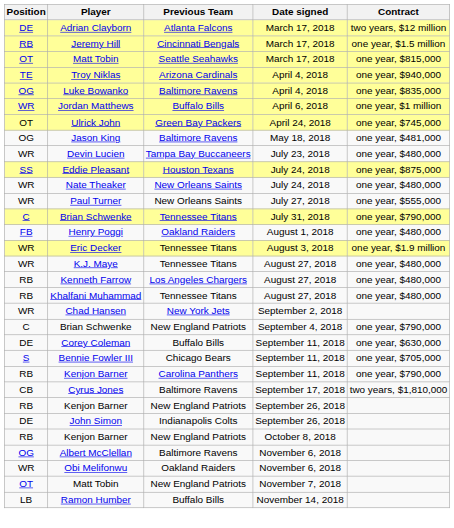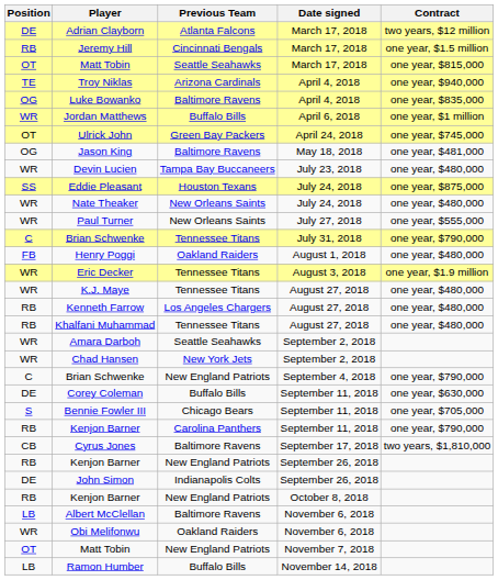 <table class="wikitable" style="text-align:center">
 <tr>
 <th>Position</th>
 <th>Player</th>
 <th>Previous Team</th>
 <th>Date signed</th>
 <th>Contract</th>
 </tr>
 <tr style="background:#ff9">
 <td><a href='#'>DE</a></td>
 <td><a href='#'>Adrian Clayborn</a></td>
 <td><a href='#'>Atlanta Falcons</a></td>
 <td>March 17, 2018</td>
 <td>two years, $12 million</td>
 </tr>
 <tr style="background:#ff9">
 <td><a href='#'>RB</a></td>
 <td><a href='#'>Jeremy Hill</a></td>
 <td><a href='#'>Cincinnati Bengals</a></td>
 <td>March 17, 2018</td>
 <td>one year, $1.5 million</td>
 </tr>
 <tr style="background:#ff9">
 <td><a href='#'>OT</a></td>
 <td><a href='#'>Matt Tobin</a></td>
 <td><a href='#'>Seattle Seahawks</a></td>
 <td>March 17, 2018</td>
 <td>one year, $815,000</td>
 </tr>
 <tr style="background:#ff9">
 <td><a href='#'>TE</a></td>
 <td><a href='#'>Troy Niklas</a></td>
 <td><a href='#'>Arizona Cardinals</a></td>
 <td>April 4, 2018</td>
 <td>one year, $940,000</td>
 </tr>
 <tr style="background:#ff9">
 <td><a href='#'>OG</a></td>
 <td><a href='#'>Luke Bowanko</a></td>
 <td><a href='#'>Baltimore Ravens</a></td>
 <td>April 4, 2018</td>
 <td>one year, $835,000</td>
 </tr>
 <tr style="background:#ff9">
 <td><a href='#'>WR</a></td>
 <td><a href='#'>Jordan Matthews</a></td>
 <td><a href='#'>Buffalo Bills</a></td>
 <td>April 6, 2018</td>
 <td>one year, $1 million</td>
 </tr>
 <tr style="background:#ff9">
 <td>OT</td>
 <td><a href='#'>Ulrick John</a></td>
 <td><a href='#'>Green Bay Packers</a></td>
 <td>April 24, 2018</td>
 <td>one year, $745,000</td>
 </tr>
 <tr style=>
 <td>OG</td>
 <td><a href='#'>Jason King</a></td>
 <td><a href='#'>Baltimore Ravens</a></td>
 <td>May 18, 2018</td>
 <td>one year, $481,000</td>
 </tr>
 <tr style=>
 <td>WR</td>
 <td><a href='#'>Devin Lucien</a></td>
 <td><a href='#'>Tampa Bay Buccaneers</a></td>
 <td>July 23, 2018</td>
 <td>one year, $480,000</td>
 </tr>
 <tr style="background:#ff9">
 <td><a href='#'>SS</a></td>
 <td><a href='#'>Eddie Pleasant</a></td>
 <td><a href='#'>Houston Texans</a></td>
 <td>July 24, 2018</td>
 <td>one year, $875,000</td>
 </tr>
 <tr>
 <td>WR</td>
 <td><a href='#'>Nate Theaker</a></td>
 <td><a href='#'>New Orleans Saints</a></td>
 <td>July 24, 2018</td>
 <td>one year, $480,000</td>
 </tr>
 <tr>
 <td>WR</td>
 <td><a href='#'>Paul Turner</a></td>
 <td>New Orleans Saints</td>
 <td>July 27, 2018</td>
 <td>one year, $555,000</td>
 </tr>
 <tr style="background:#ff9">
 <td><a href='#'>C</a></td>
 <td><a href='#'>Brian Schwenke</a></td>
 <td><a href='#'>Tennessee Titans</a></td>
 <td>July 31, 2018</td>
 <td>one year, $790,000</td>
 </tr>
 <tr>
 <td><a href='#'>FB</a></td>
 <td><a href='#'>Henry Poggi</a></td>
 <td><a href='#'>Oakland Raiders</a></td>
 <td>August 1, 2018</td>
 <td>one year, $480,000</td>
 </tr>
 <tr style="background:#ff9">
 <td>WR</td>
 <td><a href='#'>Eric Decker</a></td>
 <td>Tennessee Titans</td>
 <td>August 3, 2018</td>
 <td>one year, $1.9 million</td>
 </tr>
 <tr>
 <td>WR</td>
 <td><a href='#'>K.J. Maye</a></td>
 <td>Tennessee Titans</td>
 <td>August 27, 2018</td>
 <td>one year, $480,000</td>
 </tr>
 <tr>
 <td>RB</td>
 <td><a href='#'>Kenneth Farrow</a></td>
 <td><a href='#'>Los Angeles Chargers</a></td>
 <td>August 27, 2018</td>
 <td>one year, $480,000</td>
 </tr>
 <tr>
 <td>RB</td>
 <td><a href='#'>Khalfani Muhammad</a></td>
 <td>Tennessee Titans</td>
 <td>August 27, 2018</td>
 <td>one year, $480,000</td>
 </tr>
 <tr>
 <td>WR</td>
+<td><a href='#'>Amara Darboh</a></td>
+<td>Seattle Seahawks</td>
+<td>September 2, 2018</td>
+<td></td>
+</tr>
+<tr>
+<td>WR</td>
 <td><a href='#'>Chad Hansen</a></td>
 <td><a href='#'>New York Jets</a></td>
 <td>September 2, 2018</td>
 <td></td>
 </tr>
 <tr>
 <td>C</td>
 <td>Brian Schwenke</td>
 <td>New England Patriots</td>
 <td>September 4, 2018</td>
 <td>one year, $790,000</td>
 </tr>
 <tr>
 <td>DE</td>
 <td><a href='#'>Corey Coleman</a></td>
 <td>Buffalo Bills</td>
 <td>September 11, 2018</td>
 <td>one year, $630,000</td>
 </tr>
 <tr>
 <td><a href='#'>S</a></td>
 <td><a href='#'>Bennie Fowler III</a></td>
 <td>Chicago Bears</td>
 <td>September 11, 2018</td>
 <td>one year, $705,000</td>
 </tr>
 <tr>
 <td>RB</td>
 <td><a href='#'>Kenjon Barner</a></td>
 <td><a href='#'>Carolina Panthers</a></td>
 <td>September 11, 2018</td>
 <td>one year, $790,000</td>
 </tr>
 <tr>
 <td>CB</td>
 <td><a href='#'>Cyrus Jones</a></td>
 <td>Baltimore Ravens</td>
 <td>September 17, 2018</td>
 <td>two years, $1,810,000</td>
 </tr>
 <tr>
 <td>RB</td>
 <td>Kenjon Barner</td>
 <td>New England Patriots</td>
 <td>September 26, 2018</td>
 <td></td>
 </tr>
 <tr>
 <td>DE</td>
 <td><a href='#'>John Simon</a></td>
 <td>Indianapolis Colts</td>
 <td>September 26, 2018</td>
 <td></td>
 </tr>
 <tr>
 <td>RB</td>
 <td>Kenjon Barner</td>
 <td>New England Patriots</td>
 <td>October 8, 2018</td>
 <td></td>
 </tr>
 <tr>
-<td><a href='#'>OG</a></td>
+<td><a href='#'>LB</a></td>
 <td><a href='#'>Albert McClellan</a></td>
 <td>Baltimore Ravens</td>
 <td>November 6, 2018</td>
 <td></td>
 </tr>
 <tr>
 <td>WR</td>
 <td><a href='#'>Obi Melifonwu</a></td>
 <td>Oakland Raiders</td>
 <td>November 6, 2018</td>
 <td></td>
 </tr>
 <tr>
 <td><a href='#'>OT</a></td>
 <td>Matt Tobin</td>
 <td>New England Patriots</td>
 <td>November 7, 2018</td>
 <td></td>
 </tr>
 <tr>
 <td>LB</td>
 <td><a href='#'>Ramon Humber</a></td>
 <td>Buffalo Bills</td>
 <td>November 14, 2018</td>
 <td></td>
 </tr>
 </table>
